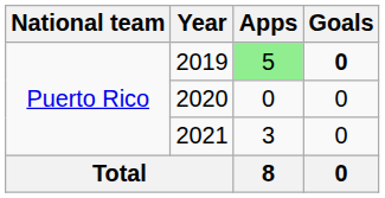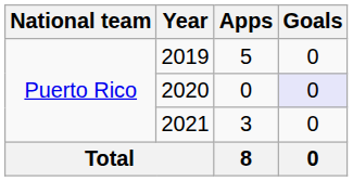 <table class="wikitable" style="text-align:center">
 <tr>
 <th>National team</th>
 <th>Year</th>
 <th>Apps</th>
 <th>Goals</th>
 </tr>
 <tr>
 <td rowspan="3"><a href='#'>Puerto Rico</a></td>
 <td>2019</td>
-<td style="background: lightgreen;">5</td>
-<td><strong>0</strong></td>
+<td>5</td>
+<td>0</td>
 </tr>
 <tr>
 <td>2020</td>
 <td>0</td>
-<td>0</td>
+<td style="background: lavender;">0</td>
 </tr>
 <tr>
 <td>2021</td>
 <td>3</td>
 <td>0</td>
 </tr>
 <tr>
 <th colspan=2>Total</th>
 <th>8</th>
 <th>0</th>
 </tr>
 </table>
